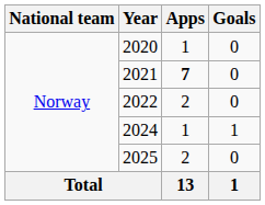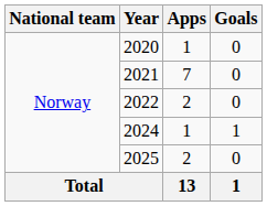 <table class=wikitable style=text-align:center>
 <tr>
 <th>National team</th>
 <th>Year</th>
 <th>Apps</th>
 <th>Goals</th>
 </tr>
 <tr>
 <td rowspan="5"><a href='#'>Norway</a></td>
 <td>2020</td>
 <td>1</td>
 <td>0</td>
 </tr>
 <tr>
 <td>2021</td>
-<td><strong>7</strong></td>
+<td>7</td>
 <td>0</td>
 </tr>
 <tr>
 <td>2022</td>
 <td>2</td>
 <td>0</td>
 </tr>
 <tr>
 <td>2024</td>
 <td>1</td>
 <td>1</td>
 </tr>
 <tr>
 <td>2025</td>
 <td>2</td>
 <td>0</td>
 </tr>
 <tr>
 <th colspan="2">Total</th>
 <th>13</th>
 <th>1</th>
 </tr>
 </table>
